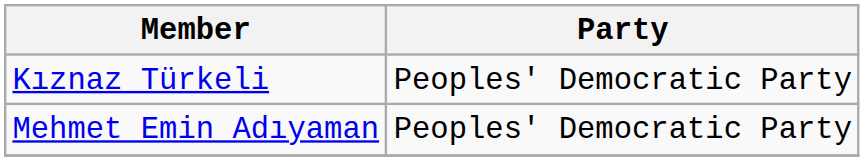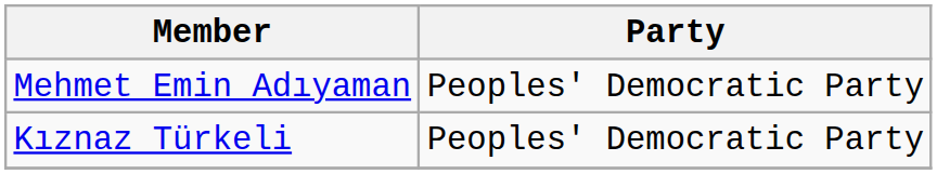 <table class="wikitable">
 <tr>
 <th>Member</th>
 <th>Party</th>
 </tr>
 <tr>
-<td><a href='#'>Kıznaz Türkeli</a></td>
+<td><a href='#'>Mehmet Emin Adıyaman</a></td>
 <td style="background:">Peoples' Democratic Party</td>
 </tr>
 <tr>
-<td><a href='#'>Mehmet Emin Adıyaman</a></td>
+<td><a href='#'>Kıznaz Türkeli</a></td>
 <td style="background:">Peoples' Democratic Party</td>
 </tr>
 <tr>
 </tr>
 </table>
